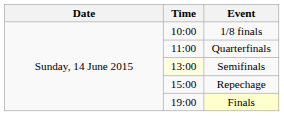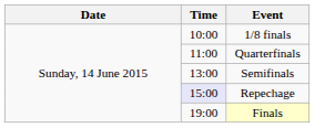 <table class = "wikitable" style="text-align:center;">
 <tr>
 <th width=220>Date</th>
 <th width=50>Time</th>
 <th width=100>Event</th>
 </tr>
 <tr>
 <td rowspan=5>Sunday, 14 June 2015</td>
 <td>10:00</td>
 <td>1/8 finals</td>
 </tr>
 <tr>
 <td>11:00</td>
 <td>Quarterfinals</td>
 </tr>
 <tr>
-<td style="background: lightyellow;">13:00</td>
+<td>13:00</td>
 <td>Semifinals</td>
 </tr>
 <tr>
-<td>15:00</td>
+<td style="background: lavender;">15:00</td>
 <td>Repechage</td>
 </tr>
 <tr>
 <td>19:00</td>
 <td bgcolor=ffffcc>Finals</td>
 </tr>
 </table>
